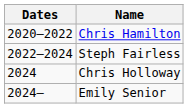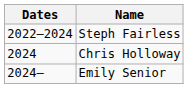 <table class="wikitable">
 <tr>
 <th>Dates</th>
 <th>Name</th>
-</tr>
-<tr>
-<td>2020–2022</td>
-<td> <a href='#'>Chris Hamilton</a></td>
 </tr>
 <tr>
 <td>2022–2024</td>
 <td> Steph Fairless</td>
 </tr>
 <tr>
 <td>2024</td>
 <td> Chris Holloway</td>
 </tr>
 <tr>
 <td>2024–</td>
 <td> Emily Senior</td>
 </tr>
 </table>
